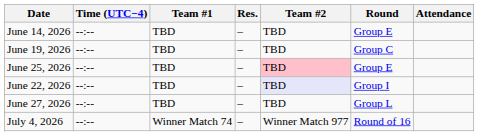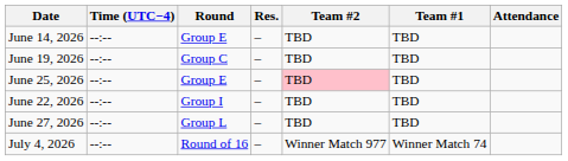 <table class="wikitable sortable">
 <tr>
 <th style="text-align:center; ">Date</th>
 <th style="text-align:center; ">Time (<a href='#'>UTC−4</a>)</th>
-<th style="text-align:center; ">Team #1</th>
+<th style="text-align:center; ">Round</th>
 <th style="text-align:center; ">Res.</th>
 <th style="text-align:center; ">Team #2</th>
-<th style="text-align:center; ">Round</th>
+<th style="text-align:center; ">Team #1</th>
 <th>Attendance</th>
 </tr>
 <tr>
 <td>June 14, 2026</td>
 <td>--:--</td>
-<td>TBD</td>
+<td><a href='#'>Group E</a></td>
 <td>–</td>
 <td>TBD</td>
-<td><a href='#'>Group E</a></td>
+<td>TBD</td>
 <td></td>
 </tr>
 <tr>
 <td>June 19, 2026</td>
 <td>--:--</td>
-<td>TBD</td>
+<td><a href='#'>Group C</a></td>
 <td>–</td>
 <td>TBD</td>
-<td><a href='#'>Group C</a></td>
+<td>TBD</td>
 <td></td>
 </tr>
 <tr>
 <td>June 25, 2026</td>
 <td>--:--</td>
-<td>TBD</td>
+<td><a href='#'>Group E</a></td>
 <td>–</td>
 <td style="background: pink;">TBD</td>
-<td><a href='#'>Group E</a></td>
+<td>TBD</td>
 <td></td>
 </tr>
 <tr>
 <td>June 22, 2026</td>
 <td>--:--</td>
+<td><a href='#'>Group I</a></td>
+<td>–</td>
 <td>TBD</td>
-<td>–</td>
-<td style="background: lavender;">TBD</td>
-<td><a href='#'>Group I</a></td>
+<td>TBD</td>
 <td></td>
 </tr>
 <tr>
 <td>June 27, 2026</td>
 <td>--:--</td>
-<td>TBD</td>
+<td><a href='#'>Group L</a></td>
 <td>–</td>
 <td>TBD</td>
-<td><a href='#'>Group L</a></td>
+<td>TBD</td>
 <td></td>
 </tr>
 <tr>
 <td>July 4, 2026</td>
 <td>--:--</td>
-<td>Winner Match 74</td>
+<td><a href='#'>Round of 16</a></td>
 <td>–</td>
 <td>Winner Match 977</td>
-<td><a href='#'>Round of 16</a></td>
+<td>Winner Match 74</td>
 <td></td>
 </tr>
 </table>
